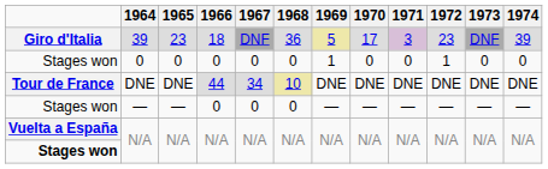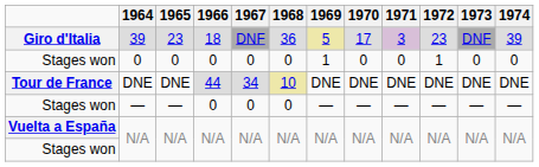 <table class="wikitable">
 <tr>
 <td></td>
 <th scope="col">1964</th>
 <th scope="col">1965</th>
 <th scope="col">1966</th>
 <th scope="col">1967</th>
 <th scope="col">1968</th>
 <th scope="col">1969</th>
 <th scope="col">1970</th>
 <th scope="col">1971</th>
 <th scope="col">1972</th>
 <th scope="col">1973</th>
 <th scope="col">1974</th>
 </tr>
 <tr>
 <th><a href='#'>Giro d'Italia</a></th>
 <td align="center" style="background:#DDDDDD;"><a href='#'>39</a></td>
 <td align="center" style="background:#DDDDDD;"><a href='#'>23</a></td>
 <td align="center" style="background:#DDDDDD;"><a href='#'>18</a></td>
 <td align="center" style="background:#AAAAAA;"><a href='#'>DNF</a></td>
 <td align="center" style="background:#DDDDDD;"><a href='#'>36</a></td>
 <td align="center" style="background:#EEE8AA;"><a href='#'>5</a></td>
 <td align="center" style="background:#DDDDDD;"><a href='#'>17</a></td>
 <td align="center" style="background:#D8BFD8;"><a href='#'>3</a></td>
 <td align="center" style="background:#DDDDDD;"><a href='#'>23</a></td>
 <td align="center" style="background:#AAAAAA;"><a href='#'>DNF</a></td>
 <td align="center" style="background:#DDDDDD;"><a href='#'>39</a></td>
 </tr>
 <tr>
 <td align="right">Stages won</td>
 <td align="center">0</td>
 <td align="center">0</td>
 <td align="center">0</td>
 <td align="center">0</td>
 <td align="center">0</td>
 <td align="center">1</td>
 <td align="center">0</td>
 <td align="center">0</td>
 <td align="center">1</td>
 <td align="center">0</td>
 <td align="center">0</td>
 </tr>
 <tr>
 <th><a href='#'>Tour de France</a></th>
 <td align="center">DNE</td>
 <td align="center">DNE</td>
 <td align="center" style="background:#DDDDDD;"><a href='#'>44</a></td>
 <td align="center" style="background:#DDDDDD;"><a href='#'>34</a></td>
 <td align="center" style="background:#EEE8AA;"><a href='#'>10</a></td>
 <td align="center">DNE</td>
 <td align="center">DNE</td>
 <td align="center">DNE</td>
 <td align="center">DNE</td>
 <td align="center">DNE</td>
 <td align="center">DNE</td>
 </tr>
 <tr>
 <td align="right">Stages won</td>
 <td align="center">—</td>
 <td align="center">—</td>
 <td align="center">0</td>
 <td align="center">0</td>
 <td align="center">0</td>
 <td align="center">—</td>
 <td align="center">—</td>
 <td align="center">—</td>
 <td align="center">—</td>
 <td align="center">—</td>
 <td align="center">—</td>
 </tr>
 <tr>
 <th><a href='#'>Vuelta a España</a></th>
 <td rowspan=2 align="center" style="color:#888888;">N/A</td>
 <td rowspan=2 align="center" style="color:#888888;">N/A</td>
 <td rowspan=2 align="center" style="color:#888888;">N/A</td>
 <td rowspan=2 align="center" style="color:#888888;">N/A</td>
 <td rowspan=2 align="center" style="color:#888888;">N/A</td>
 <td rowspan=2 align="center" style="color:#888888;">N/A</td>
 <td rowspan=2 align="center" style="color:#888888;">N/A</td>
 <td rowspan=2 align="center" style="color:#888888;">N/A</td>
 <td rowspan=2 align="center" style="color:#888888;">N/A</td>
 <td rowspan=2 align="center" style="color:#888888;">N/A</td>
 <td rowspan=2 align="center" style="color:#888888;">N/A</td>
 </tr>
 <tr>
-<td align="right"><strong>Stages won</strong></td>
+<td align="right">Stages won</td>
 </tr>
 </table>
